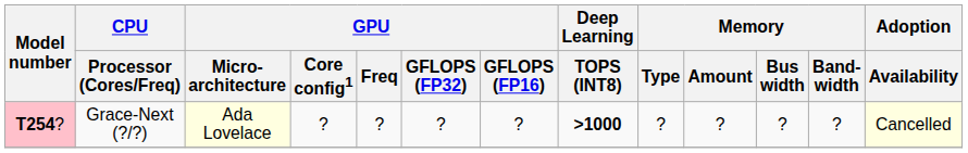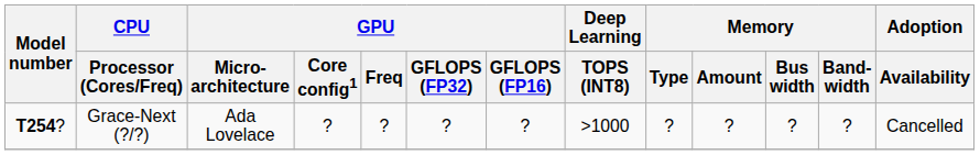 <table class="wikitable" style="text-align:center;">
 <tr>
 <th rowspan="2">Model<br>number</th>
 <th><a href='#'>CPU</a></th>
 <th colspan="5"><a href='#'>GPU</a></th>
 <th>Deep<br>Learning</th>
 <th colspan="4">Memory</th>
 <th>Adoption</th>
 </tr>
 <tr>
 <th>Processor<br>(Cores/Freq)</th>
 <th>Micro-<br>architecture</th>
 <th>Core<br>config<sup>1</sup></th>
 <th>Freq</th>
 <th>GFLOPS<br>(<a href='#'>FP32</a>)</th>
 <th>GFLOPS<br>(<a href='#'>FP16</a>)</th>
 <th>TOPS<br>(INT8)</th>
 <th>Type</th>
 <th>Amount</th>
 <th>Bus<br>width</th>
 <th>Band-<br>width</th>
 <th>Availability</th>
 </tr>
 <tr>
-<td style="background: pink;"><strong>T254</strong>?</td>
+<td><strong>T254</strong>?</td>
 <td>Grace-Next<br>(?/?)</td>
-<td style="background: lightyellow;">Ada<br>Lovelace</td>
+<td>Ada<br>Lovelace</td>
 <td>?</td>
 <td>?</td>
 <td>?</td>
 <td>?</td>
-<td><strong>>1000</strong></td>
+<td>>1000</td>
 <td>?</td>
 <td>?</td>
 <td>?</td>
 <td>?</td>
-<td style="background: lightyellow;">Cancelled</td>
+<td>Cancelled</td>
 </tr>
 <tr>
 </tr>
 </table>
